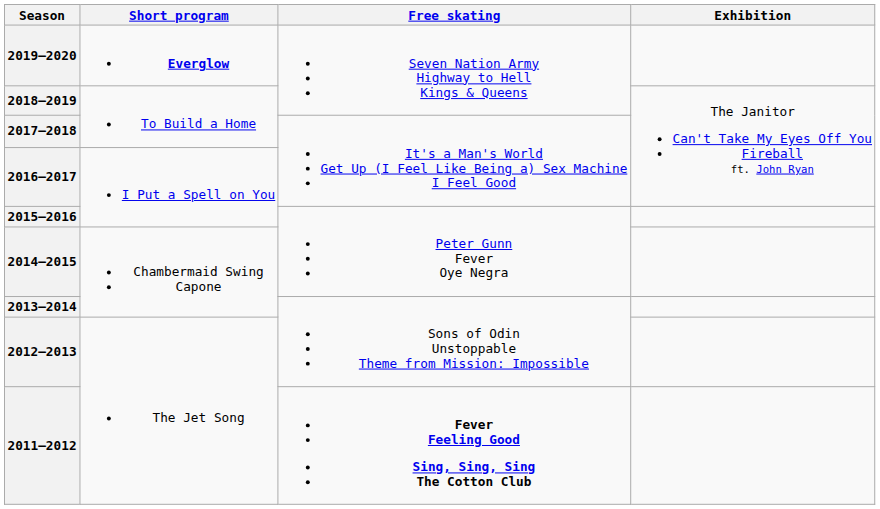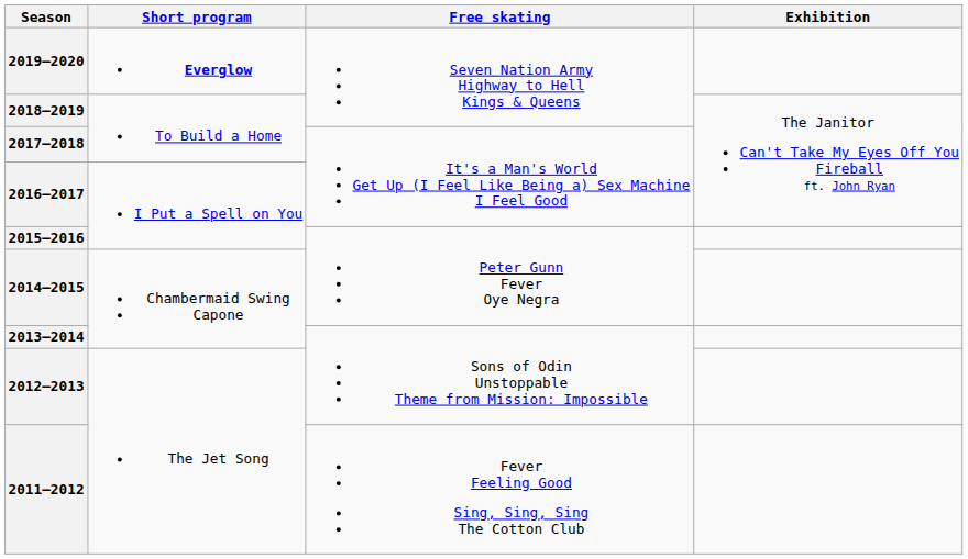 <table class=wikitable style=text-align:center>
 <tr>
 <th>Season</th>
 <th><a href='#'>Short program</a></th>
 <th><a href='#'>Free skating</a></th>
 <th>Exhibition</th>
 </tr>
 <tr>
 <th>2019–2020</th>
 <td><strong><br><ul><li><a href='#'>Everglow</a> <br></li></ul></strong></td>
 <td rowspan=2><br><ul><li><a href='#'>Seven Nation Army</a><br></li><li><a href='#'>Highway to Hell</a> <br></li><li><a href='#'>Kings & Queens</a><br></li></ul></td>
 <td></td>
 </tr>
 <tr>
 <th>2018–2019</th>
 <td rowspan=2><br><ul><li><a href='#'>To Build a Home</a> <br></li></ul></td>
 <td rowspan=3>The Janitor<br><ul><li><a href='#'>Can't Take My Eyes Off You</a> <br></li><li><a href='#'>Fireball</a> <br><small>ft. <a href='#'>John Ryan</a></small></li></ul></td>
 </tr>
 <tr>
 <th>2017–2018 <br></th>
 <td rowspan=2><br><ul><li><a href='#'>It's a Man's World</a> <br></li><li><a href='#'>Get Up (I Feel Like Being a) Sex Machine</a> <br></li><li><a href='#'>I Feel Good</a> <br></li></ul></td>
 </tr>
 <tr>
 <th>2016–2017 <br></th>
 <td rowspan=2><br><ul><li><a href='#'>I Put a Spell on You</a> <br></li></ul></td>
 </tr>
 <tr>
 <th>2015–2016 <br></th>
 <td rowspan=2><br><ul><li><a href='#'>Peter Gunn</a> <br></li><li>Fever <br></li><li>Oye Negra <br></li></ul></td>
 <td></td>
 </tr>
 <tr>
 <th>2014–2015 <br></th>
 <td rowspan=2><br><ul><li>Chambermaid Swing <br></li><li>Capone <br></li></ul></td>
 <td></td>
 </tr>
 <tr>
 <th>2013–2014 <br></th>
 <td rowspan=2><br><ul><li>Sons of Odin <br></li><li>Unstoppable <br></li><li><a href='#'>Theme from Mission: Impossible</a> <br></li></ul></td>
 <td></td>
 </tr>
 <tr>
 <th>2012–2013 <br></th>
 <td rowspan=2><br><ul><li>The Jet Song <br></li></ul></td>
 <td></td>
 </tr>
 <tr>
 <th>2011–2012 <br></th>
-<td><strong><br><ul><li>Fever</li><li><a href='#'>Feeling Good</a> </li></ul><ul><li><a href='#'>Sing, Sing, Sing</a> <br></li><li>The Cotton Club <br></li></ul></strong></td>
+<td><br><ul><li>Fever</li><li><a href='#'>Feeling Good</a> </li></ul><ul><li><a href='#'>Sing, Sing, Sing</a> <br></li><li>The Cotton Club <br></li></ul></td>
 <td></td>
 </tr>
 </table>
